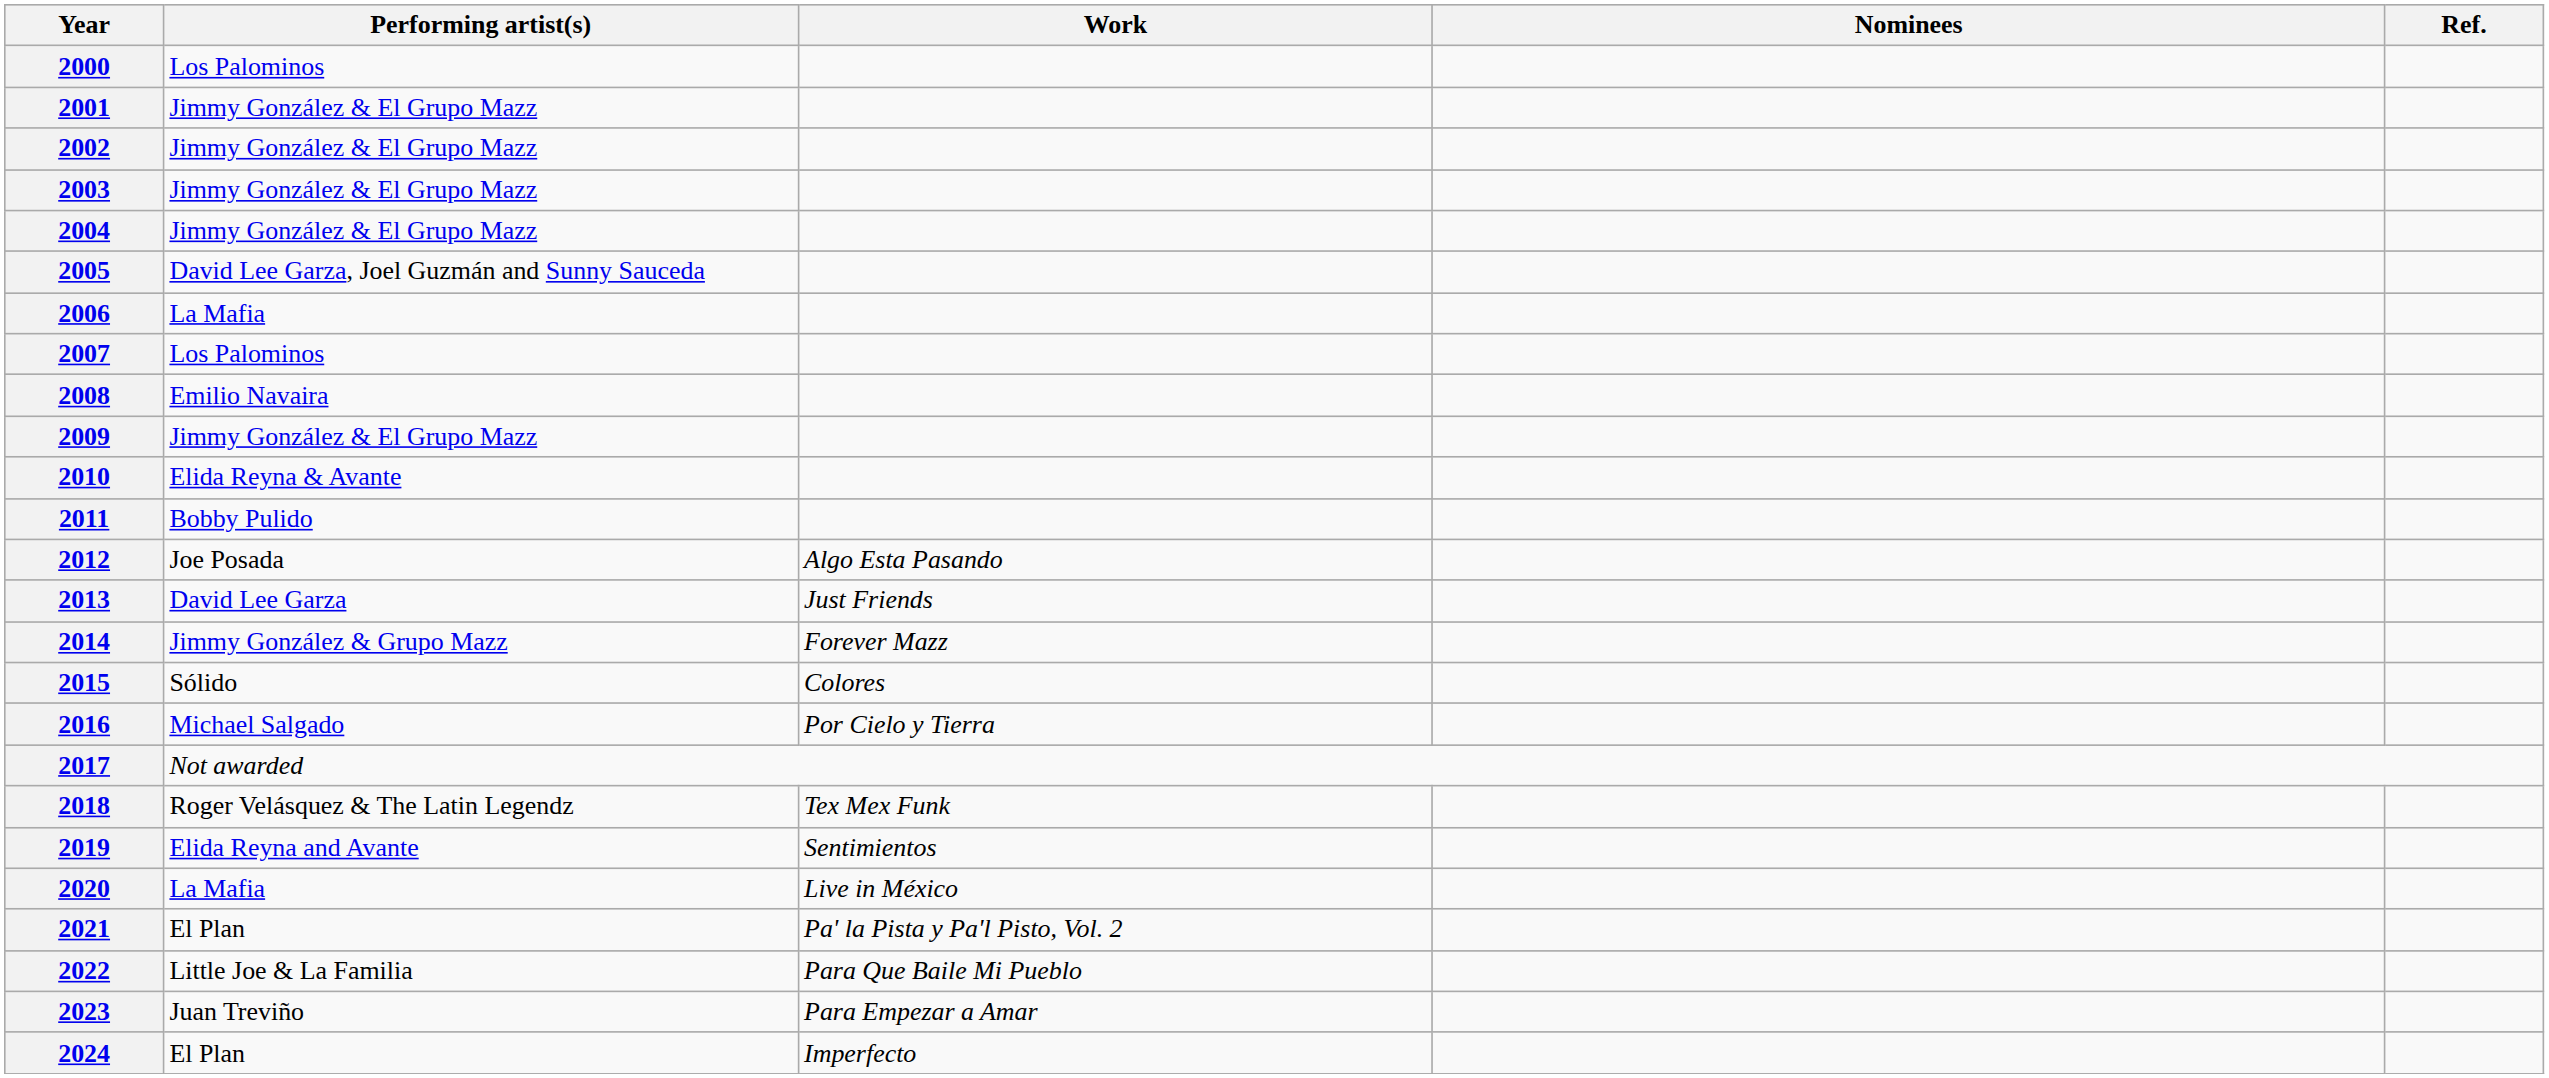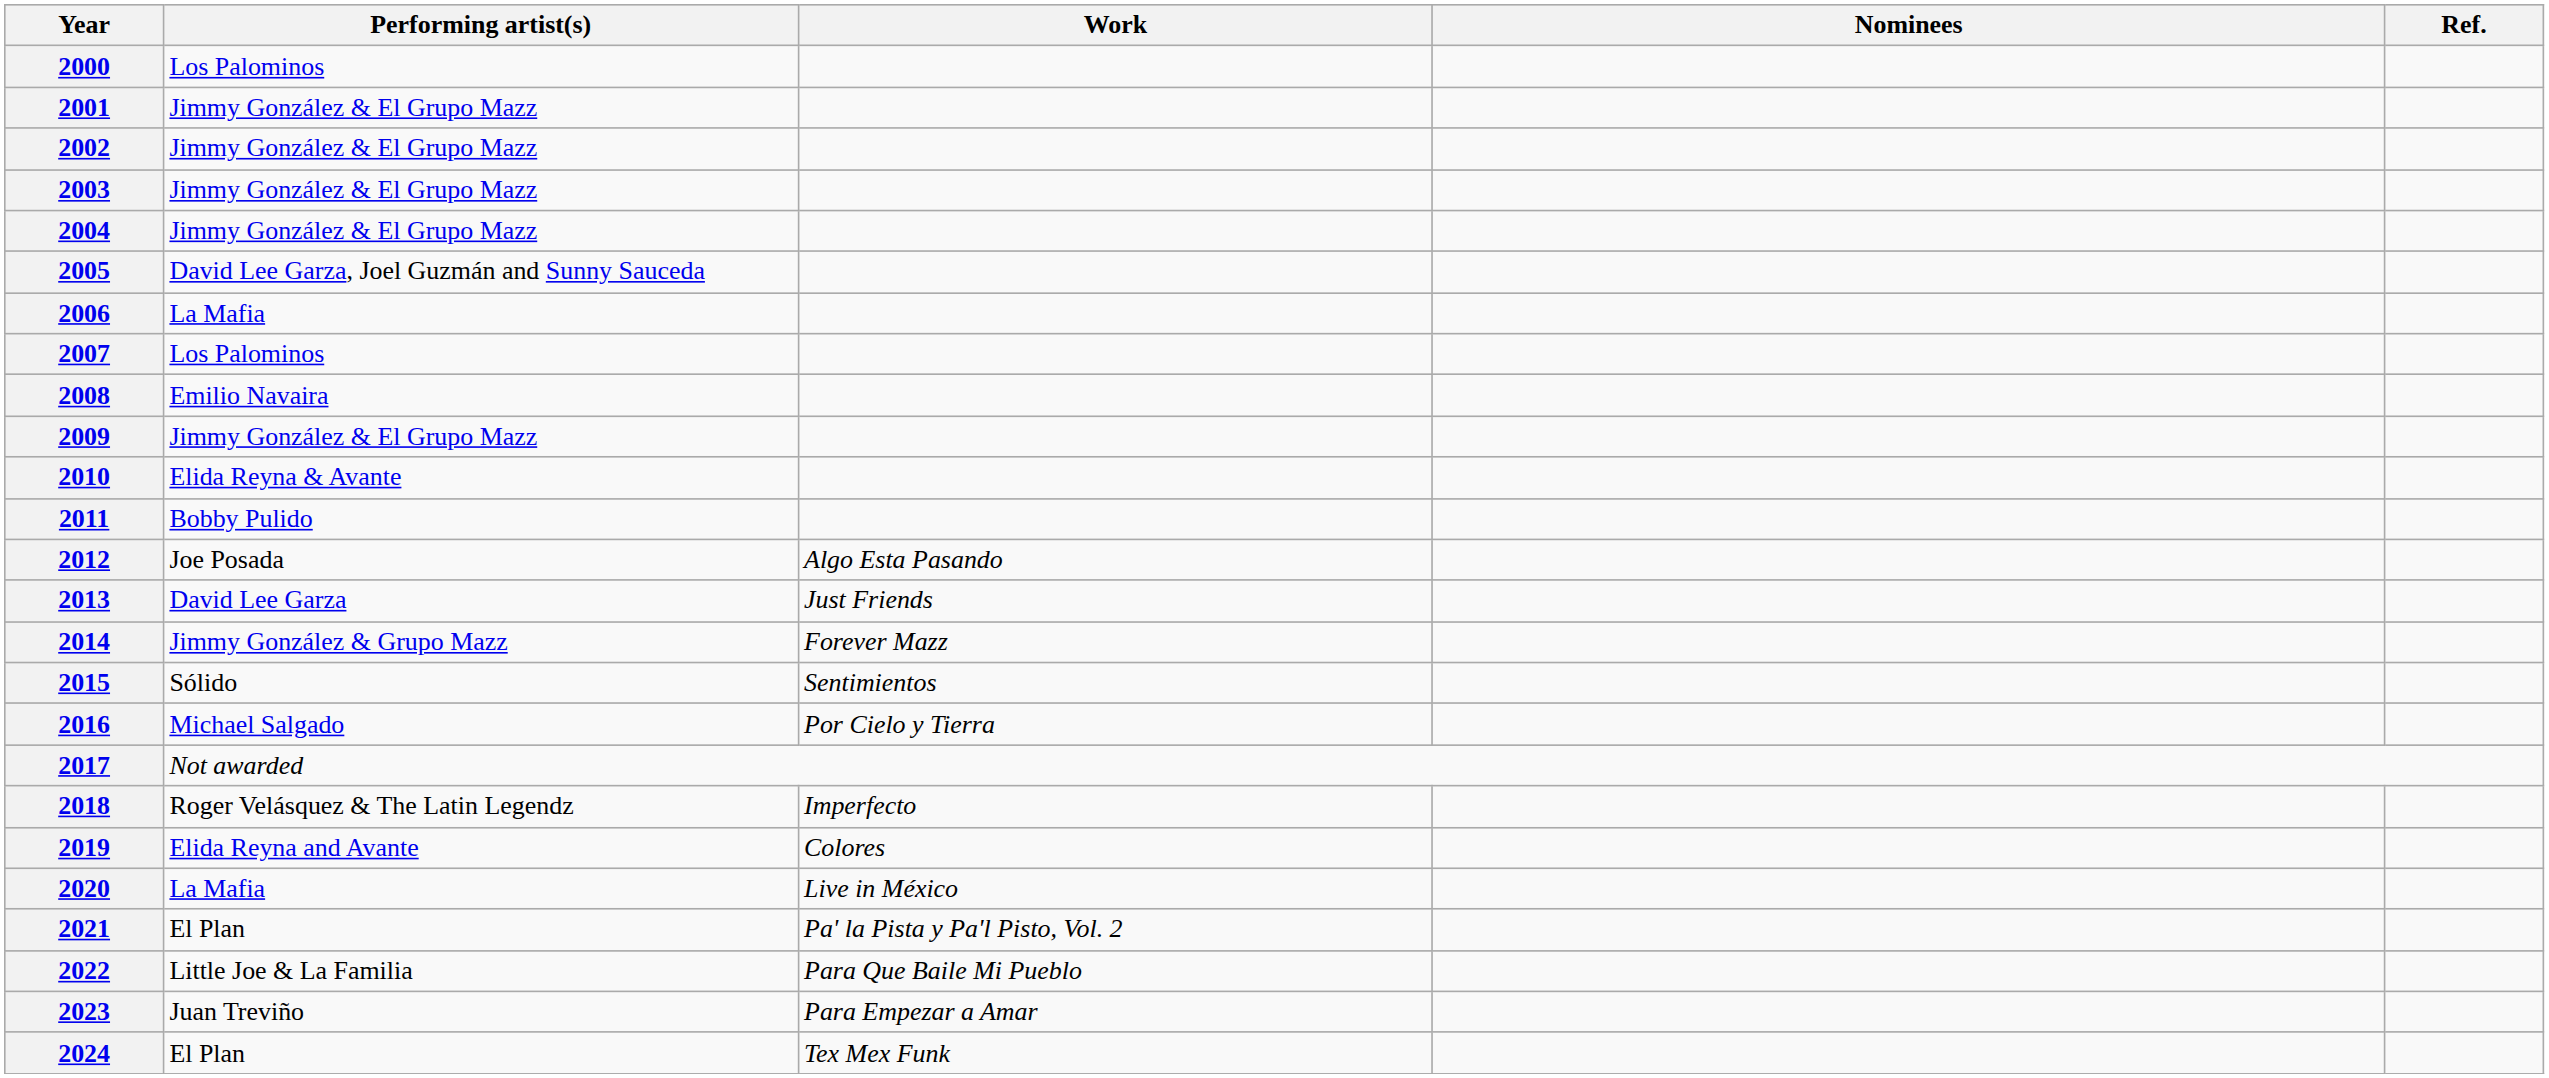 <table class="wikitable plainrowheaders sortable">
 <tr>
 <th scope="col" width="5%">Year</th>
 <th scope="col" width="20%">Performing artist(s)</th>
 <th scope="col" width="20%">Work</th>
 <th scope="col" class="unsortable" width="30%">Nominees</th>
 <th scope="col" class="unsortable" width="5%">Ref.</th>
 </tr>
 <tr>
 <th style="text-align:center;"><a href='#'>2000</a></th>
 <td><a href='#'>Los Palominos</a></td>
 <td></td>
 <td></td>
 <td style="text-align:center;"></td>
 </tr>
 <tr>
 <th style="text-align:center;"><a href='#'>2001</a></th>
 <td><a href='#'>Jimmy González & El Grupo Mazz</a></td>
 <td></td>
 <td></td>
 <td style="text-align:center;"></td>
 </tr>
 <tr>
 <th style="text-align:center;"><a href='#'>2002</a></th>
 <td><a href='#'>Jimmy González & El Grupo Mazz</a></td>
 <td></td>
 <td></td>
 <td style="text-align:center;"></td>
 </tr>
 <tr>
 <th style="text-align:center;"><a href='#'>2003</a></th>
 <td><a href='#'>Jimmy González & El Grupo Mazz</a></td>
 <td></td>
 <td></td>
 <td style="text-align:center;"></td>
 </tr>
 <tr>
 <th style="text-align:center;"><a href='#'>2004</a></th>
 <td><a href='#'>Jimmy González & El Grupo Mazz</a></td>
 <td></td>
 <td></td>
 <td style="text-align:center;"></td>
 </tr>
 <tr>
 <th style="text-align:center;"><a href='#'>2005</a></th>
 <td><a href='#'>David Lee Garza</a>, Joel Guzmán and <a href='#'>Sunny Sauceda</a></td>
 <td></td>
 <td></td>
 <td style="text-align:center;"></td>
 </tr>
 <tr>
 <th style="text-align:center;"><a href='#'>2006</a></th>
 <td><a href='#'>La Mafia</a></td>
 <td></td>
 <td></td>
 <td style="text-align:center;"></td>
 </tr>
 <tr>
 <th style="text-align:center;"><a href='#'>2007</a></th>
 <td><a href='#'>Los Palominos</a></td>
 <td></td>
 <td></td>
 <td style="text-align:center;"></td>
 </tr>
 <tr>
 <th style="text-align:center;"><a href='#'>2008</a></th>
 <td><a href='#'>Emilio Navaira</a></td>
 <td></td>
 <td></td>
 <td style="text-align:center;"></td>
 </tr>
 <tr>
 <th style="text-align:center;"><a href='#'>2009</a></th>
 <td><a href='#'>Jimmy González & El Grupo Mazz</a></td>
 <td></td>
 <td></td>
 <td style="text-align:center;"></td>
 </tr>
 <tr>
 <th style="text-align:center;"><a href='#'>2010</a></th>
 <td><a href='#'>Elida Reyna & Avante</a></td>
 <td></td>
 <td></td>
 <td style="text-align:center;"></td>
 </tr>
 <tr>
 <th style="text-align:center;"><a href='#'>2011</a></th>
 <td><a href='#'>Bobby Pulido</a></td>
 <td></td>
 <td></td>
 <td style="text-align:center;"></td>
 </tr>
 <tr>
 <th style="text-align:center;"><a href='#'>2012</a></th>
 <td>Joe Posada</td>
 <td><em>Algo Esta Pasando</em></td>
 <td></td>
 <td style="text-align:center;"></td>
 </tr>
 <tr>
 <th style="text-align:center;"><a href='#'>2013</a></th>
 <td><a href='#'>David Lee Garza</a></td>
 <td><em>Just Friends</em></td>
 <td></td>
 <td style="text-align:center;"></td>
 </tr>
 <tr>
 <th style="text-align:center;"><a href='#'>2014</a></th>
 <td><a href='#'>Jimmy González & Grupo Mazz</a></td>
 <td><em>Forever Mazz</em></td>
 <td></td>
 <td style="text-align:center;"></td>
 </tr>
 <tr>
 <th style="text-align:center;"><a href='#'>2015</a></th>
 <td>Sólido</td>
-<td><em>Colores</em></td>
+<td><em>Sentimientos</em></td>
 <td></td>
 <td style="text-align:center;"></td>
 </tr>
 <tr>
 <th style="text-align:center;"><a href='#'>2016</a></th>
 <td><a href='#'>Michael Salgado</a></td>
 <td><em>Por Cielo y Tierra</em></td>
 <td></td>
 <td style="text-align:center;"></td>
 </tr>
 <tr>
 <th style="text-align:center;"><a href='#'>2017</a></th>
 <td colspan="4"><em>Not awarded</em></td>
 </tr>
 <tr>
 <th style="text-align:center;"><a href='#'>2018</a></th>
 <td>Roger Velásquez & The Latin Legendz</td>
-<td><em>Tex Mex Funk</em></td>
+<td><em>Imperfecto</em></td>
 <td></td>
 <td style="text-align:center;"></td>
 </tr>
 <tr>
 <th style="text-align:center;"><a href='#'>2019</a></th>
 <td><a href='#'>Elida Reyna and Avante</a></td>
-<td><em>Sentimientos</em></td>
+<td><em>Colores</em></td>
 <td></td>
 <td style="text-align:center;"></td>
 </tr>
 <tr>
 <th style="text-align:center;"><a href='#'>2020</a></th>
 <td><a href='#'>La Mafia</a></td>
 <td><em>Live in México</em></td>
 <td></td>
 <td style="text-align:center;"></td>
 </tr>
 <tr>
 <th style="text-align:center;"><a href='#'>2021</a></th>
 <td>El Plan</td>
 <td><em>Pa' la Pista y Pa'l Pisto, Vol. 2</em></td>
 <td></td>
 <td style="text-align:center;"></td>
 </tr>
 <tr>
 <th style="text-align:center;" scope="row"><a href='#'><strong>2022</strong></a></th>
 <td>Little Joe & La Familia</td>
 <td><em>Para Que Baile Mi Pueblo</em></td>
 <td></td>
 <td style="text-align:center;"></td>
 </tr>
 <tr>
 <th style="text-align:center;" scope="row"><a href='#'><strong>2023</strong></a></th>
 <td>Juan Treviño</td>
 <td><em>Para Empezar a Amar</em></td>
 <td></td>
 <td style="text-align:center;"></td>
 </tr>
 <tr>
 <th style="text-align:center;" scope="row"><a href='#'><strong>2024</strong></a></th>
 <td>El Plan</td>
-<td><em>Imperfecto</em></td>
+<td><em>Tex Mex Funk</em></td>
 <td></td>
 <td align="center"></td>
 </tr>
 <tr>
 </tr>
 </table>
